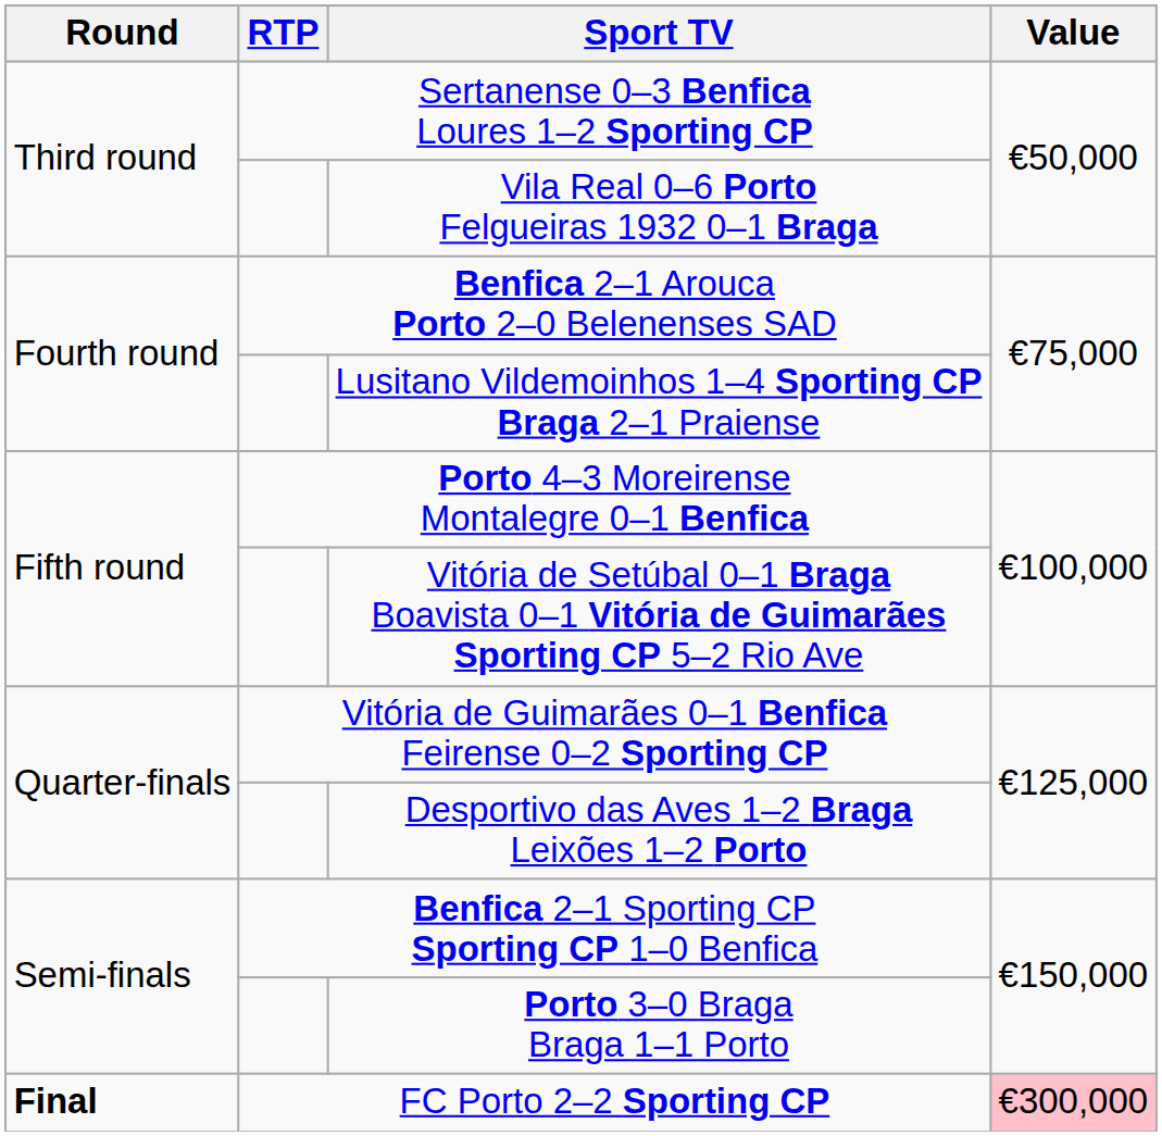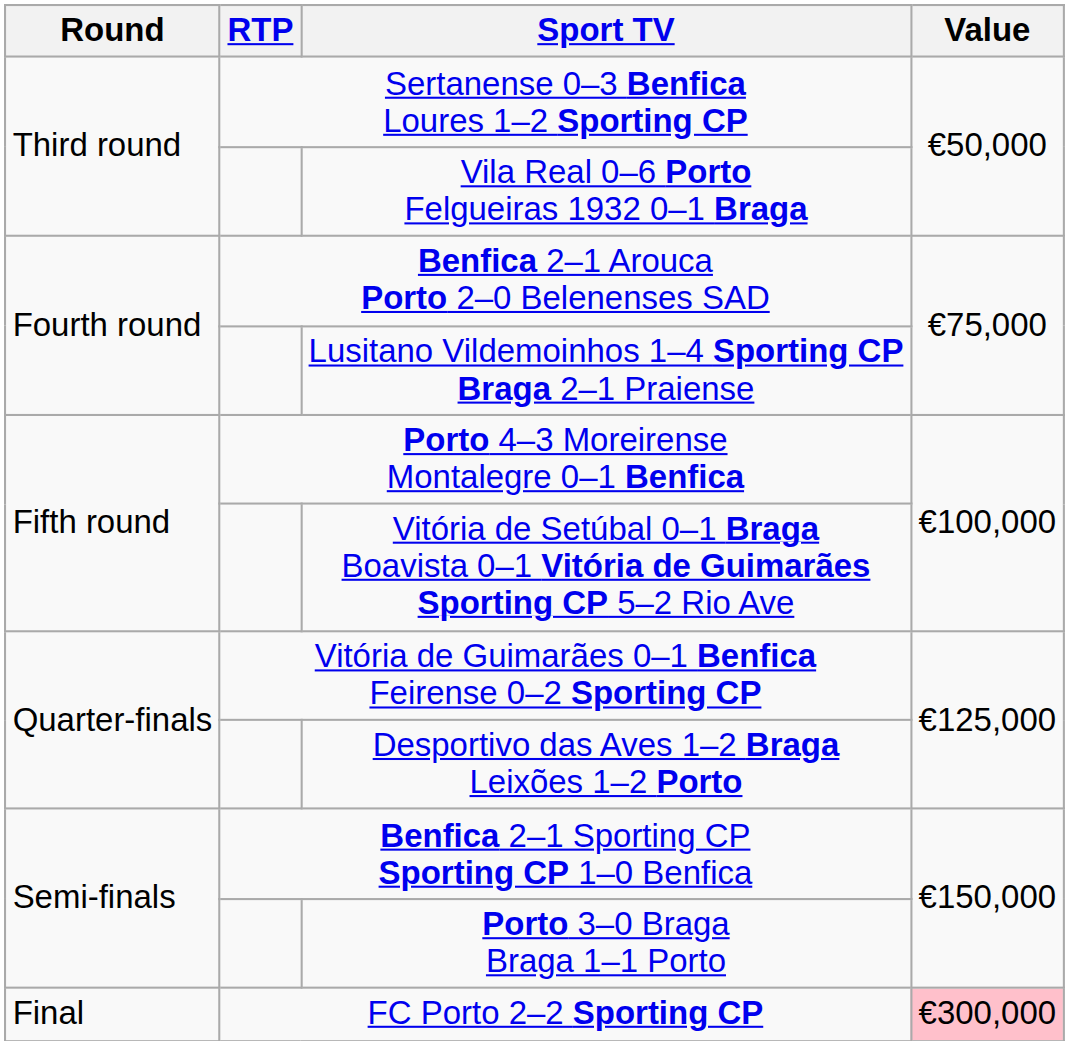 <table class="wikitable" style="text-align:center">
 <tr>
 <th>Round</th>
 <th><a href='#'>RTP</a></th>
 <th><a href='#'>Sport TV</a></th>
 <th>Value</th>
 </tr>
 <tr>
 <td style="text-align:left" rowspan="2">Third round</td>
 <td colspan="2"><a href='#'>Sertanense 0–3 <strong>Benfica</strong></a><br><a href='#'>Loures 1–2 <strong>Sporting CP</strong></a></td>
 <td rowspan="2">€50,000</td>
 </tr>
 <tr>
 <td></td>
 <td><a href='#'>Vila Real 0–6 <strong>Porto</strong></a><br><a href='#'>Felgueiras 1932 0–1 <strong>Braga</strong></a></td>
 </tr>
 <tr>
 <td style="text-align:left" rowspan="2">Fourth round</td>
 <td colspan="2"><a href='#'><strong>Benfica</strong> 2–1 Arouca</a><br><a href='#'><strong>Porto</strong> 2–0 Belenenses SAD</a></td>
 <td rowspan="2">€75,000</td>
 </tr>
 <tr>
 <td></td>
 <td><a href='#'>Lusitano Vildemoinhos 1–4 <strong>Sporting CP</strong></a><br><a href='#'><strong>Braga</strong> 2–1 Praiense</a></td>
 </tr>
 <tr>
 <td style="text-align:left" rowspan="2">Fifth round</td>
 <td colspan="2"><a href='#'><strong>Porto</strong> 4–3 Moreirense</a><br><a href='#'>Montalegre 0–1 <strong>Benfica</strong></a></td>
 <td rowspan="2">€100,000</td>
 </tr>
 <tr>
 <td></td>
 <td><a href='#'>Vitória de Setúbal 0–1 <strong>Braga</strong></a><br><a href='#'>Boavista 0–1 <strong>Vitória de Guimarães</strong></a><br><a href='#'><strong>Sporting CP</strong> 5–2 Rio Ave</a></td>
 </tr>
 <tr>
 <td style="text-align:left" rowspan="2">Quarter-finals</td>
 <td colspan="2"><a href='#'>Vitória de Guimarães 0–1 <strong>Benfica</strong></a><br><a href='#'>Feirense 0–2 <strong>Sporting CP</strong></a></td>
 <td rowspan="2">€125,000</td>
 </tr>
 <tr>
 <td></td>
 <td><a href='#'>Desportivo das Aves 1–2 <strong>Braga</strong></a><br><a href='#'>Leixões 1–2 <strong>Porto</strong></a></td>
 </tr>
 <tr>
 <td style="text-align:left" rowspan="2">Semi-finals</td>
 <td colspan="2"><a href='#'><strong>Benfica</strong> 2–1 Sporting CP</a><br><a href='#'><strong>Sporting CP</strong> 1–0 Benfica</a></td>
 <td rowspan="2">€150,000</td>
 </tr>
 <tr>
 <td></td>
 <td><a href='#'><strong>Porto</strong> 3–0 Braga</a><br><a href='#'>Braga 1–1 Porto</a></td>
 </tr>
 <tr>
-<td style="text-align:left"><strong>Final</strong></td>
+<td style="text-align:left">Final</td>
 <td colspan="2"><a href='#'>FC Porto 2–2 <strong>Sporting CP</strong></a></td>
 <td style="background: pink;">€300,000</td>
 </tr>
 </table>
